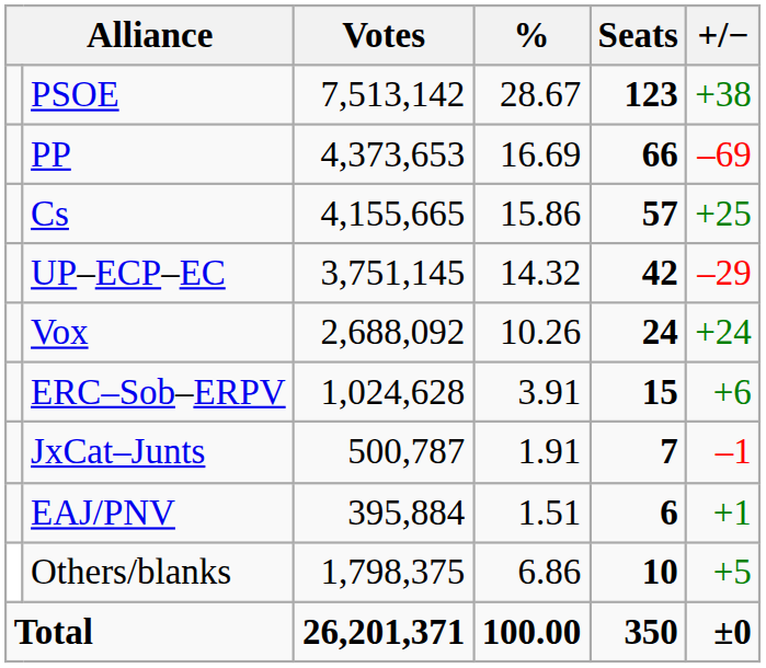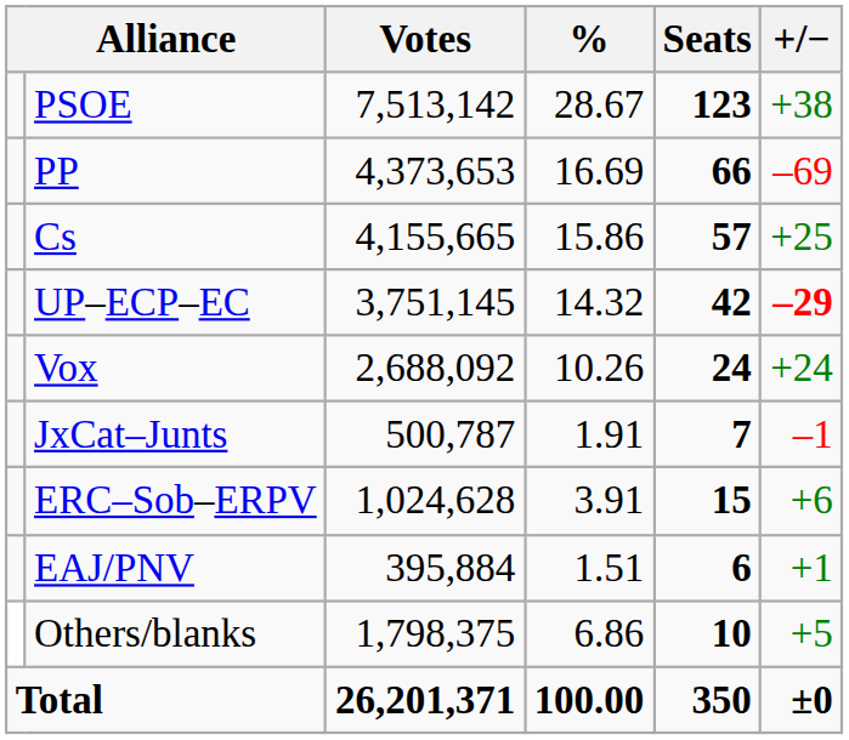 <table class="wikitable" style="text-align:right; font-size:95%;">
 <tr>
 <th colspan="2">Alliance</th>
 <th>Votes</th>
 <th>%</th>
 <th>Seats</th>
 <th>+/−</th>
 </tr>
 <tr>
 <td style="background:"></td>
 <td align="left"><a href='#'>PSOE</a></td>
 <td>7,513,142</td>
 <td>28.67</td>
 <td><strong>123</strong></td>
 <td style="color:green;">+38</td>
 </tr>
 <tr>
 <td style="background:"></td>
 <td align="left"><a href='#'>PP</a></td>
 <td>4,373,653</td>
 <td>16.69</td>
 <td><strong>66</strong></td>
 <td style="color:red;">–69</td>
 </tr>
 <tr>
 <td style="background:"></td>
 <td align="left"><a href='#'>Cs</a></td>
 <td>4,155,665</td>
 <td>15.86</td>
 <td><strong>57</strong></td>
 <td style="color:green;">+25</td>
 </tr>
 <tr>
 <td style="background:"></td>
 <td align="left"><a href='#'>UP</a>–<a href='#'>ECP</a>–<a href='#'>EC</a></td>
 <td>3,751,145</td>
 <td>14.32</td>
 <td><strong>42</strong></td>
-<td style="color:red;">–29</td>
+<td style="color:red;"><strong>–29</strong></td>
 </tr>
 <tr>
 <td style="background:"></td>
 <td align="left"><a href='#'>Vox</a></td>
 <td>2,688,092</td>
 <td>10.26</td>
 <td><strong>24</strong></td>
 <td style="color:green;">+24</td>
 </tr>
 <tr>
 <td style="background:"></td>
+<td align="left"><a href='#'>JxCat–Junts</a></td>
+<td>500,787</td>
+<td>1.91</td>
+<td><strong>7</strong></td>
+<td style="color:red;">–1</td>
+</tr>
+<tr>
+<td style="background:"></td>
 <td align="left"><a href='#'>ERC–Sob</a>–<a href='#'>ERPV</a></td>
 <td>1,024,628</td>
 <td>3.91</td>
 <td><strong>15</strong></td>
 <td style="color:green;">+6</td>
-</tr>
-<tr>
-<td style="background:"></td>
-<td align="left"><a href='#'>JxCat–Junts</a></td>
-<td>500,787</td>
-<td>1.91</td>
-<td><strong>7</strong></td>
-<td style="color:red;">–1</td>
 </tr>
 <tr>
 <td style="background:"></td>
 <td align="left"><a href='#'>EAJ/PNV</a></td>
 <td>395,884</td>
 <td>1.51</td>
 <td><strong>6</strong></td>
 <td style="color:green;">+1</td>
 </tr>
 <tr>
 <td style="background:white;"></td>
 <td align="left">Others/blanks</td>
 <td>1,798,375</td>
 <td>6.86</td>
 <td><strong>10</strong></td>
 <td style="color:green;">+5</td>
 </tr>
 <tr style="font-weight:bold">
 <td colspan="2" align="left">Total</td>
 <td>26,201,371</td>
 <td>100.00</td>
 <td>350</td>
 <td>±0</td>
 </tr>
 </table>
